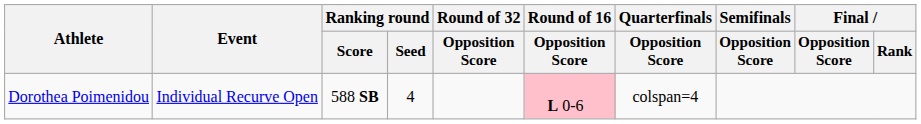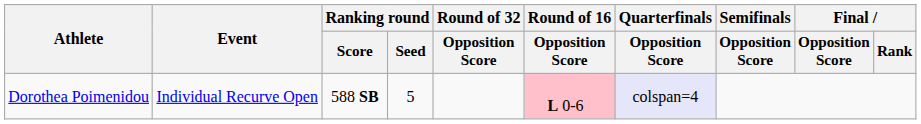 <table class="wikitable" style="font-size:90%">
 <tr>
 <th rowspan="2">Athlete</th>
 <th rowspan="2">Event</th>
 <th colspan="2">Ranking round</th>
 <th>Round of 32</th>
 <th>Round of 16</th>
 <th>Quarterfinals</th>
 <th>Semifinals</th>
 <th colspan="2">Final / </th>
 </tr>
 <tr style="font-size:95%">
 <th>Score</th>
 <th>Seed</th>
 <th>Opposition<br>Score</th>
 <th>Opposition<br>Score</th>
 <th>Opposition<br>Score</th>
 <th>Opposition<br>Score</th>
 <th>Opposition<br>Score</th>
 <th>Rank</th>
 </tr>
 <tr align=center>
 <td align=left><a href='#'>Dorothea Poimenidou</a></td>
 <td align=left><a href='#'> Individual Recurve Open</a></td>
 <td>588 <strong>SB</strong></td>
-<td>4</td>
+<td>5</td>
 <td></td>
 <td style="background: pink;"><br> <strong>L</strong> 0-6  </td>
-<td>colspan=4 </td>
+<td style="background: lavender;">colspan=4 </td>
 </tr>
 </table>
